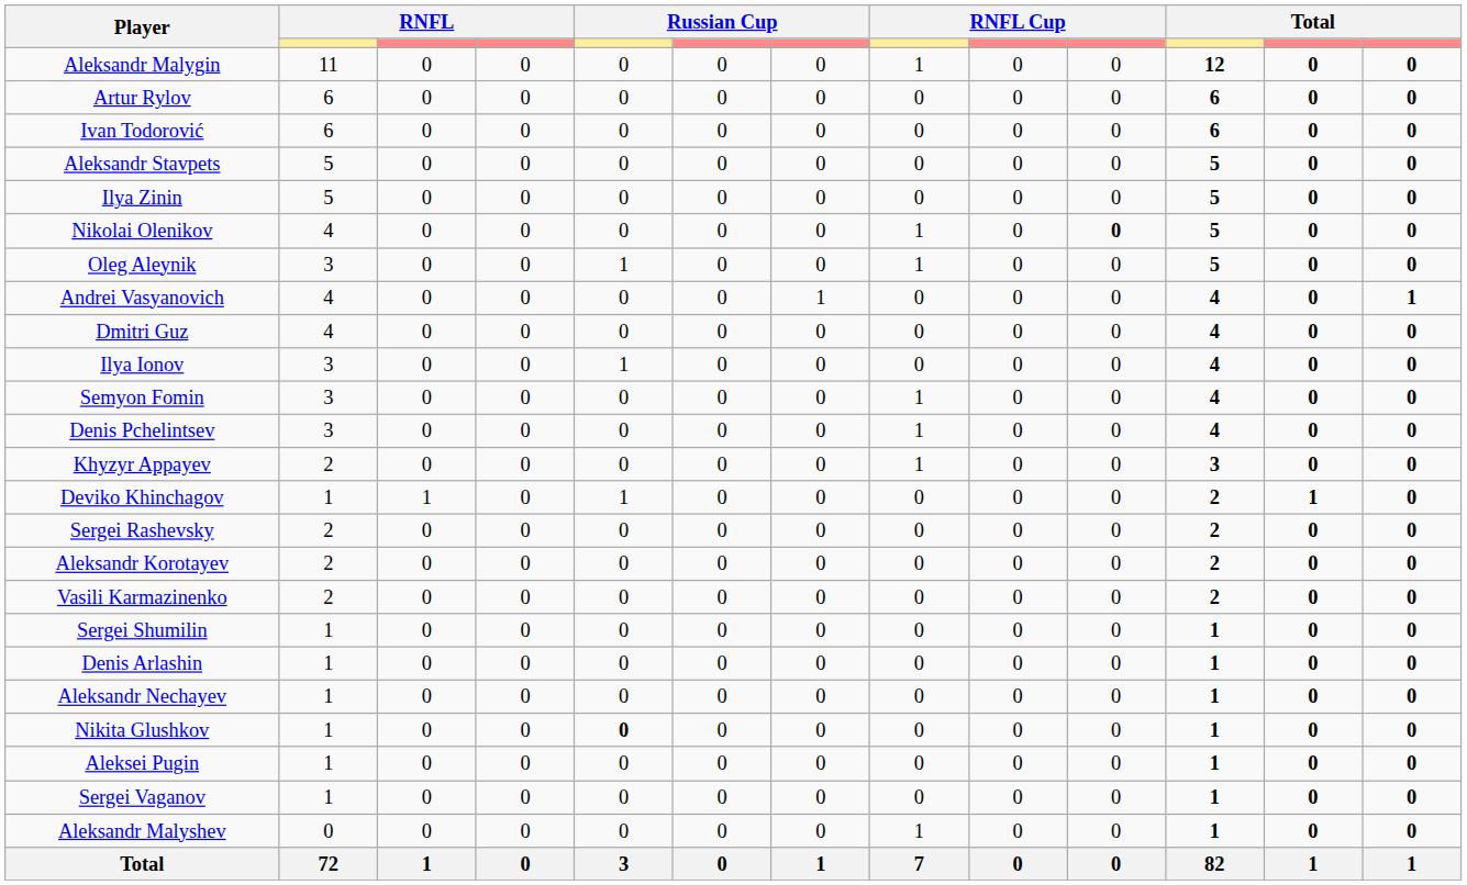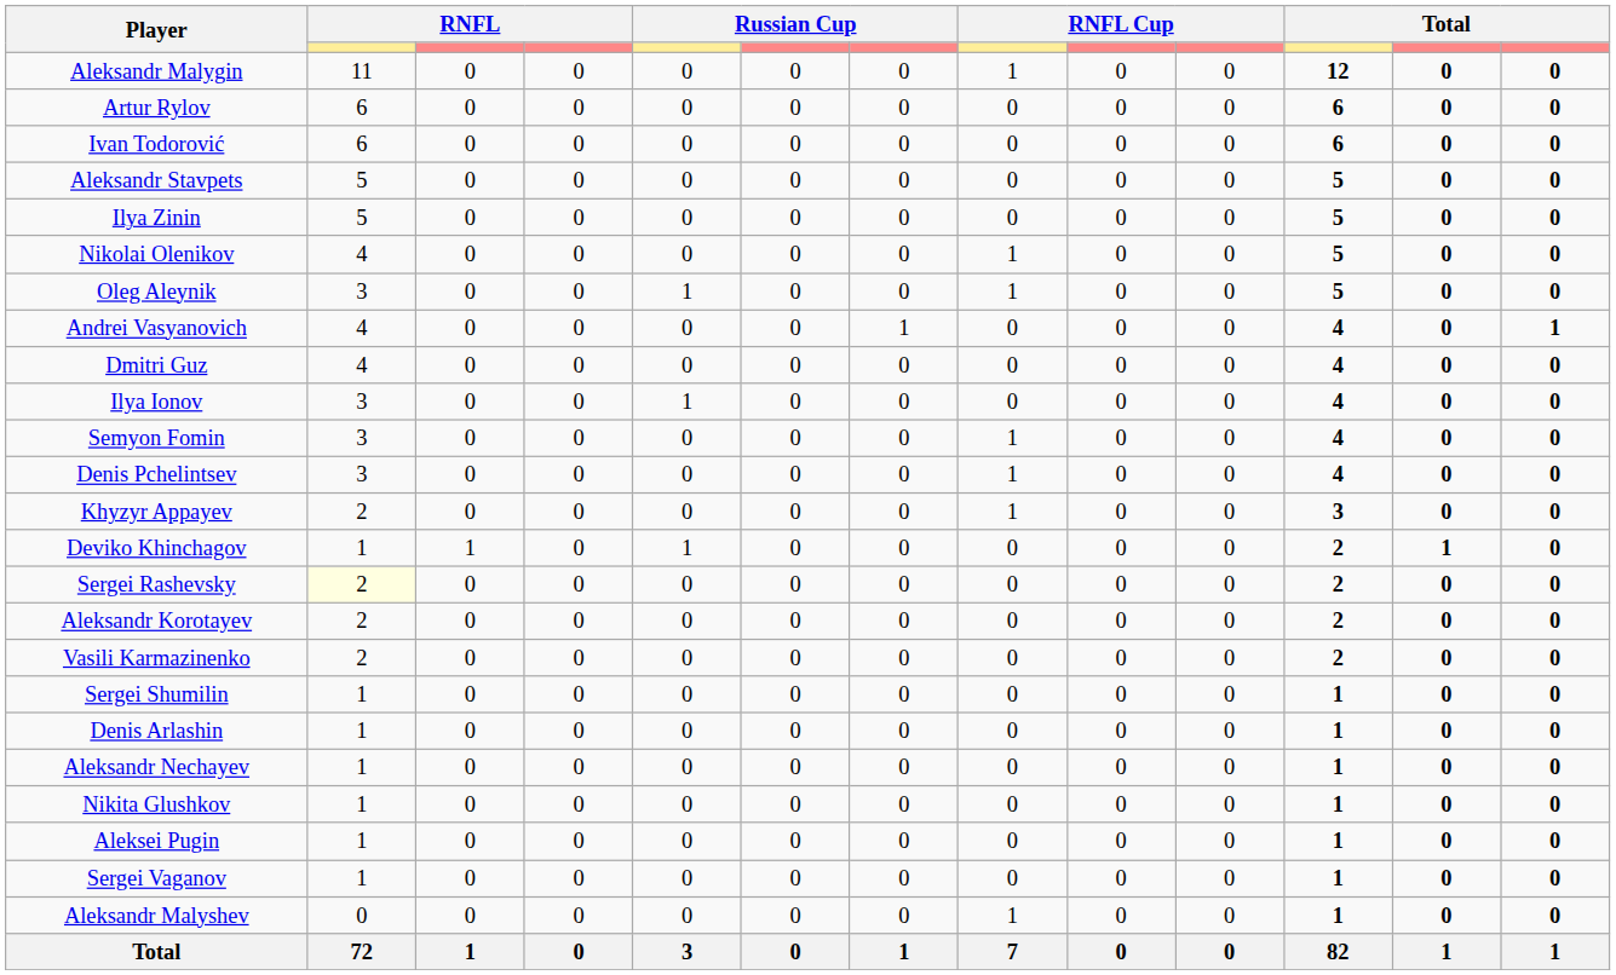 <table class="wikitable" style="font-size: 95%; text-align: center;">
 <tr>
 <th width=199px rowspan=2>Player</th>
 <th colspan=3><a href='#'>RNFL</a></th>
 <th colspan=3><a href='#'>Russian Cup</a></th>
 <th colspan=3><a href='#'>RNFL Cup</a></th>
 <th colspan=3>Total</th>
 </tr>
 <tr>
 <th width=67px style="background:#FFEE99"></th>
 <th width=67px style="background:#FF8888"></th>
 <th width=67px style="background:#FF8888"></th>
 <th width=67px style="background:#FFEE99"></th>
 <th width=67px style="background:#FF8888"></th>
 <th width=67px style="background:#FF8888"></th>
 <th width=67px style="background:#FFEE99"></th>
 <th width=67px style="background:#FF8888"></th>
 <th width=67px style="background:#FF8888"></th>
 <th width=67px style="background:#FFEE99"></th>
 <th width=67px style="background:#FF8888"></th>
 <th width=67px style="background:#FF8888"></th>
 </tr>
 <tr>
 <td><a href='#'>Aleksandr Malygin</a></td>
 <td>11</td>
 <td>0</td>
 <td>0</td>
 <td>0</td>
 <td>0</td>
 <td>0</td>
 <td>1</td>
 <td>0</td>
 <td>0</td>
 <td><strong>12</strong></td>
 <td><strong>0</strong></td>
 <td><strong>0</strong></td>
 </tr>
 <tr>
 <td><a href='#'>Artur Rylov</a></td>
 <td>6</td>
 <td>0</td>
 <td>0</td>
 <td>0</td>
 <td>0</td>
 <td>0</td>
 <td>0</td>
 <td>0</td>
 <td>0</td>
 <td><strong>6</strong></td>
 <td><strong>0</strong></td>
 <td><strong>0</strong></td>
 </tr>
 <tr>
 <td><a href='#'>Ivan Todorović</a></td>
 <td>6</td>
 <td>0</td>
 <td>0</td>
 <td>0</td>
 <td>0</td>
 <td>0</td>
 <td>0</td>
 <td>0</td>
 <td>0</td>
 <td><strong>6</strong></td>
 <td><strong>0</strong></td>
 <td><strong>0</strong></td>
 </tr>
 <tr>
 <td><a href='#'>Aleksandr Stavpets</a></td>
 <td>5</td>
 <td>0</td>
 <td>0</td>
 <td>0</td>
 <td>0</td>
 <td>0</td>
 <td>0</td>
 <td>0</td>
 <td>0</td>
 <td><strong>5</strong></td>
 <td><strong>0</strong></td>
 <td><strong>0</strong></td>
 </tr>
 <tr>
 <td><a href='#'>Ilya Zinin</a></td>
 <td>5</td>
 <td>0</td>
 <td>0</td>
 <td>0</td>
 <td>0</td>
 <td>0</td>
 <td>0</td>
 <td>0</td>
 <td>0</td>
 <td><strong>5</strong></td>
 <td><strong>0</strong></td>
 <td><strong>0</strong></td>
 </tr>
 <tr>
 <td><a href='#'>Nikolai Olenikov</a></td>
 <td>4</td>
 <td>0</td>
 <td>0</td>
 <td>0</td>
 <td>0</td>
 <td>0</td>
 <td>1</td>
 <td>0</td>
-<td><strong>0</strong></td>
+<td>0</td>
 <td><strong>5</strong></td>
 <td><strong>0</strong></td>
 <td><strong>0</strong></td>
 </tr>
 <tr>
 <td><a href='#'>Oleg Aleynik</a></td>
 <td>3</td>
 <td>0</td>
 <td>0</td>
 <td>1</td>
 <td>0</td>
 <td>0</td>
 <td>1</td>
 <td>0</td>
 <td>0</td>
 <td><strong>5</strong></td>
 <td><strong>0</strong></td>
 <td><strong>0</strong></td>
 </tr>
 <tr>
 <td><a href='#'>Andrei Vasyanovich</a></td>
 <td>4</td>
 <td>0</td>
 <td>0</td>
 <td>0</td>
 <td>0</td>
 <td>1</td>
 <td>0</td>
 <td>0</td>
 <td>0</td>
 <td><strong>4</strong></td>
 <td><strong>0</strong></td>
 <td><strong>1</strong></td>
 </tr>
 <tr>
 <td><a href='#'>Dmitri Guz</a></td>
 <td>4</td>
 <td>0</td>
 <td>0</td>
 <td>0</td>
 <td>0</td>
 <td>0</td>
 <td>0</td>
 <td>0</td>
 <td>0</td>
 <td><strong>4</strong></td>
 <td><strong>0</strong></td>
 <td><strong>0</strong></td>
 </tr>
 <tr>
 <td><a href='#'>Ilya Ionov</a></td>
 <td>3</td>
 <td>0</td>
 <td>0</td>
 <td>1</td>
 <td>0</td>
 <td>0</td>
 <td>0</td>
 <td>0</td>
 <td>0</td>
 <td><strong>4</strong></td>
 <td><strong>0</strong></td>
 <td><strong>0</strong></td>
 </tr>
 <tr>
 <td><a href='#'>Semyon Fomin</a></td>
 <td>3</td>
 <td>0</td>
 <td>0</td>
 <td>0</td>
 <td>0</td>
 <td>0</td>
 <td>1</td>
 <td>0</td>
 <td>0</td>
 <td><strong>4</strong></td>
 <td><strong>0</strong></td>
 <td><strong>0</strong></td>
 </tr>
 <tr>
 <td><a href='#'>Denis Pchelintsev</a></td>
 <td>3</td>
 <td>0</td>
 <td>0</td>
 <td>0</td>
 <td>0</td>
 <td>0</td>
 <td>1</td>
 <td>0</td>
 <td>0</td>
 <td><strong>4</strong></td>
 <td><strong>0</strong></td>
 <td><strong>0</strong></td>
 </tr>
 <tr>
 <td><a href='#'>Khyzyr Appayev</a></td>
 <td>2</td>
 <td>0</td>
 <td>0</td>
 <td>0</td>
 <td>0</td>
 <td>0</td>
 <td>1</td>
 <td>0</td>
 <td>0</td>
 <td><strong>3</strong></td>
 <td><strong>0</strong></td>
 <td><strong>0</strong></td>
 </tr>
 <tr>
 <td><a href='#'>Deviko Khinchagov</a></td>
 <td>1</td>
 <td>1</td>
 <td>0</td>
 <td>1</td>
 <td>0</td>
 <td>0</td>
 <td>0</td>
 <td>0</td>
 <td>0</td>
 <td><strong>2</strong></td>
 <td><strong>1</strong></td>
 <td><strong>0</strong></td>
 </tr>
 <tr>
 <td><a href='#'>Sergei Rashevsky</a></td>
-<td>2</td>
+<td style="background: lightyellow;">2</td>
 <td>0</td>
 <td>0</td>
 <td>0</td>
 <td>0</td>
 <td>0</td>
 <td>0</td>
 <td>0</td>
 <td>0</td>
 <td><strong>2</strong></td>
 <td><strong>0</strong></td>
 <td><strong>0</strong></td>
 </tr>
 <tr>
 <td><a href='#'>Aleksandr Korotayev</a></td>
 <td>2</td>
 <td>0</td>
 <td>0</td>
 <td>0</td>
 <td>0</td>
 <td>0</td>
 <td>0</td>
 <td>0</td>
 <td>0</td>
 <td><strong>2</strong></td>
 <td><strong>0</strong></td>
 <td><strong>0</strong></td>
 </tr>
 <tr>
 <td><a href='#'>Vasili Karmazinenko</a></td>
 <td>2</td>
 <td>0</td>
 <td>0</td>
 <td>0</td>
 <td>0</td>
 <td>0</td>
 <td>0</td>
 <td>0</td>
 <td>0</td>
 <td><strong>2</strong></td>
 <td><strong>0</strong></td>
 <td><strong>0</strong></td>
 </tr>
 <tr>
 <td><a href='#'>Sergei Shumilin</a></td>
 <td>1</td>
 <td>0</td>
 <td>0</td>
 <td>0</td>
 <td>0</td>
 <td>0</td>
 <td>0</td>
 <td>0</td>
 <td>0</td>
 <td><strong>1</strong></td>
 <td><strong>0</strong></td>
 <td><strong>0</strong></td>
 </tr>
 <tr>
 <td><a href='#'>Denis Arlashin</a></td>
 <td>1</td>
 <td>0</td>
 <td>0</td>
 <td>0</td>
 <td>0</td>
 <td>0</td>
 <td>0</td>
 <td>0</td>
 <td>0</td>
 <td><strong>1</strong></td>
 <td><strong>0</strong></td>
 <td><strong>0</strong></td>
 </tr>
 <tr>
 <td><a href='#'>Aleksandr Nechayev</a></td>
 <td>1</td>
 <td>0</td>
 <td>0</td>
 <td>0</td>
 <td>0</td>
 <td>0</td>
 <td>0</td>
 <td>0</td>
 <td>0</td>
 <td><strong>1</strong></td>
 <td><strong>0</strong></td>
 <td><strong>0</strong></td>
 </tr>
 <tr>
 <td><a href='#'>Nikita Glushkov</a></td>
 <td>1</td>
 <td>0</td>
 <td>0</td>
-<td><strong>0</strong></td>
+<td>0</td>
 <td>0</td>
 <td>0</td>
 <td>0</td>
 <td>0</td>
 <td>0</td>
 <td><strong>1</strong></td>
 <td><strong>0</strong></td>
 <td><strong>0</strong></td>
 </tr>
 <tr>
 <td><a href='#'>Aleksei Pugin</a></td>
 <td>1</td>
 <td>0</td>
 <td>0</td>
 <td>0</td>
 <td>0</td>
 <td>0</td>
 <td>0</td>
 <td>0</td>
 <td>0</td>
 <td><strong>1</strong></td>
 <td><strong>0</strong></td>
 <td><strong>0</strong></td>
 </tr>
 <tr>
 <td><a href='#'>Sergei Vaganov</a></td>
 <td>1</td>
 <td>0</td>
 <td>0</td>
 <td>0</td>
 <td>0</td>
 <td>0</td>
 <td>0</td>
 <td>0</td>
 <td>0</td>
 <td><strong>1</strong></td>
 <td><strong>0</strong></td>
 <td><strong>0</strong></td>
 </tr>
 <tr>
 <td><a href='#'>Aleksandr Malyshev</a></td>
 <td>0</td>
 <td>0</td>
 <td>0</td>
 <td>0</td>
 <td>0</td>
 <td>0</td>
 <td>1</td>
 <td>0</td>
 <td>0</td>
 <td><strong>1</strong></td>
 <td><strong>0</strong></td>
 <td><strong>0</strong></td>
 </tr>
 <tr>
 <th>Total</th>
 <th>72</th>
 <th>1</th>
 <th>0</th>
 <th>3</th>
 <th>0</th>
 <th>1</th>
 <th>7</th>
 <th>0</th>
 <th>0</th>
 <th><strong>82</strong></th>
 <th><strong>1</strong></th>
 <th><strong>1</strong></th>
 </tr>
 <tr>
 </tr>
 </table>
